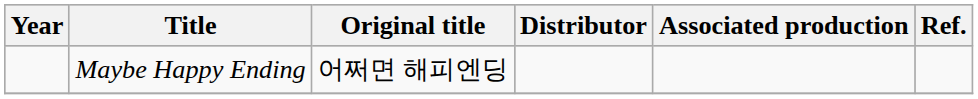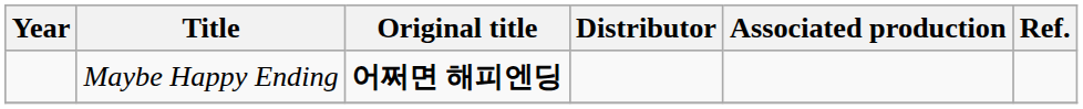 <table class="wikitable">
 <tr>
 <th>Year</th>
 <th>Title</th>
 <th>Original title</th>
 <th>Distributor</th>
 <th>Associated production</th>
 <th>Ref.</th>
 </tr>
 <tr>
 <td></td>
 <td><em>Maybe Happy Ending</em></td>
-<td>어쩌면 해피엔딩</td>
+<td><strong>어쩌면 해피엔딩</strong></td>
 <td></td>
 <td></td>
 <td></td>
 </tr>
 <tr>
 </tr>
 </table>
